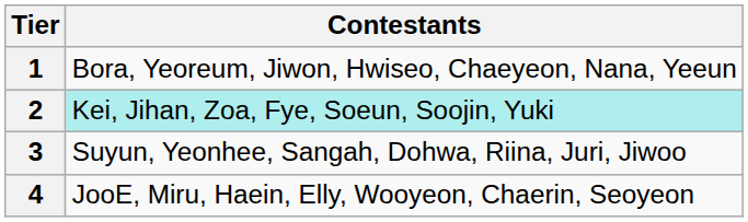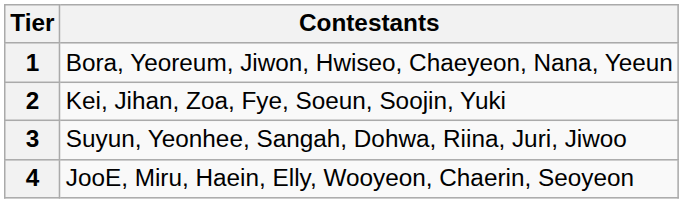 <table class="wikitable plainrowheaders">
 <tr>
 <th scope="col">Tier</th>
 <th scope="col">Contestants</th>
 </tr>
 <tr>
 <th>1</th>
 <td>Bora, Yeoreum, Jiwon, Hwiseo, Chaeyeon, Nana, Yeeun</td>
 </tr>
 <tr>
 <th>2</th>
-<td style="background: paleturquoise;">Kei, Jihan, Zoa, Fye, Soeun, Soojin, Yuki</td>
+<td>Kei, Jihan, Zoa, Fye, Soeun, Soojin, Yuki</td>
 </tr>
 <tr>
 <th>3</th>
 <td>Suyun, Yeonhee, Sangah, Dohwa, Riina, Juri, Jiwoo</td>
 </tr>
 <tr>
 <th>4</th>
 <td>JooE, Miru, Haein, Elly, Wooyeon, Chaerin, Seoyeon</td>
 </tr>
 </table>
